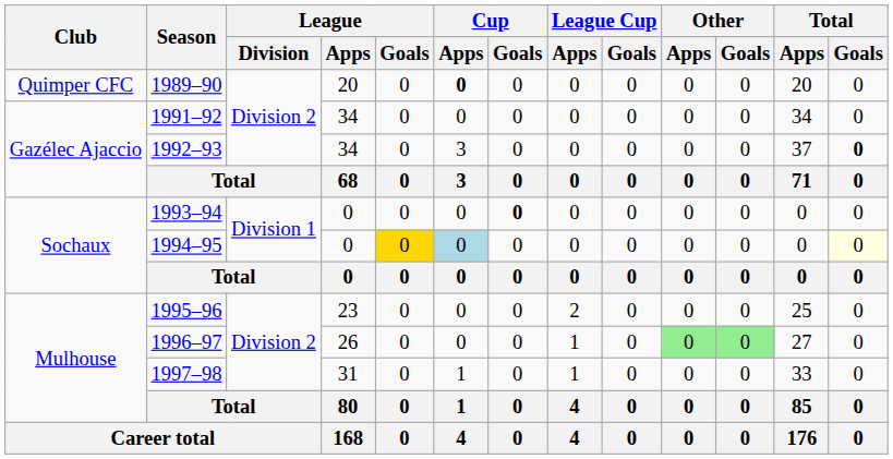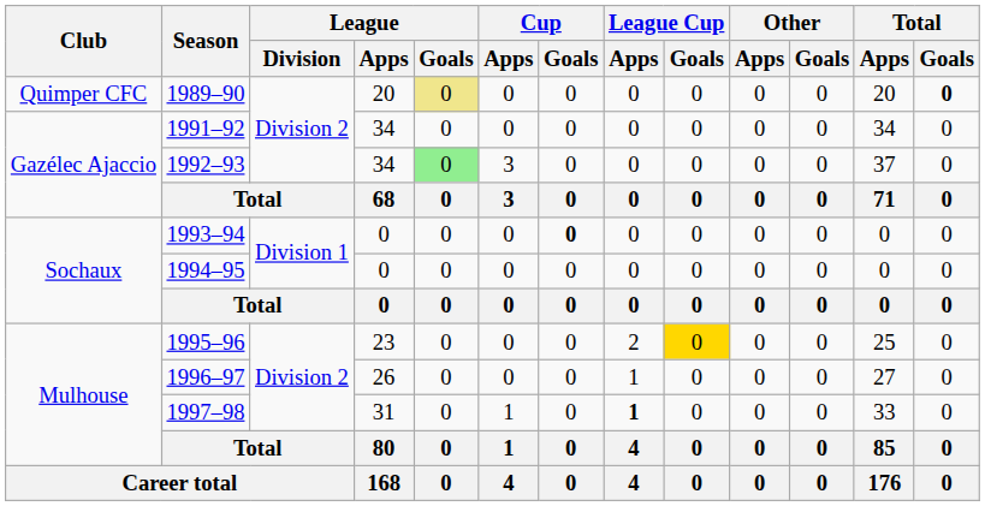 <table class="wikitable" style="text-align: center">
 <tr>
 <th rowspan="2">Club</th>
 <th rowspan="2">Season</th>
 <th colspan="3">League</th>
 <th colspan="2"><a href='#'>Cup</a></th>
 <th colspan="2"><a href='#'>League Cup</a></th>
 <th colspan="2">Other</th>
 <th colspan="2">Total</th>
 </tr>
 <tr>
 <th>Division</th>
 <th>Apps</th>
 <th>Goals</th>
 <th>Apps</th>
 <th>Goals</th>
 <th>Apps</th>
 <th>Goals</th>
 <th>Apps</th>
 <th>Goals</th>
 <th>Apps</th>
 <th>Goals</th>
 </tr>
 <tr>
 <td><a href='#'>Quimper CFC</a></td>
 <td><a href='#'>1989–90</a></td>
 <td rowspan="3"><a href='#'>Division 2</a></td>
 <td>20</td>
+<td style="background: khaki;">0</td>
 <td>0</td>
-<td><strong>0</strong></td>
 <td>0</td>
 <td>0</td>
 <td>0</td>
 <td>0</td>
 <td>0</td>
 <td>20</td>
-<td>0</td>
+<td><strong>0</strong></td>
 </tr>
 <tr>
 <td rowspan="3"><a href='#'>Gazélec Ajaccio</a></td>
 <td><a href='#'>1991–92</a></td>
 <td>34</td>
 <td>0</td>
 <td>0</td>
 <td>0</td>
 <td>0</td>
 <td>0</td>
 <td>0</td>
 <td>0</td>
 <td>34</td>
 <td>0</td>
 </tr>
 <tr>
 <td><a href='#'>1992–93</a></td>
 <td>34</td>
-<td>0</td>
+<td style="background: lightgreen;">0</td>
 <td>3</td>
 <td>0</td>
 <td>0</td>
 <td>0</td>
 <td>0</td>
 <td>0</td>
 <td>37</td>
-<td><strong>0</strong></td>
+<td>0</td>
 </tr>
 <tr>
 <th colspan="2"><strong>Total</strong></th>
 <th>68</th>
 <th>0</th>
 <th>3</th>
 <th>0</th>
 <th>0</th>
 <th>0</th>
 <th>0</th>
 <th>0</th>
 <th>71</th>
 <th>0</th>
 </tr>
 <tr>
 <td rowspan="3"><a href='#'>Sochaux</a></td>
 <td><a href='#'>1993–94</a></td>
 <td rowspan="2"><a href='#'>Division 1</a></td>
 <td>0</td>
 <td>0</td>
 <td>0</td>
 <td><strong>0</strong></td>
 <td>0</td>
 <td>0</td>
 <td>0</td>
 <td>0</td>
 <td>0</td>
 <td>0</td>
 </tr>
 <tr>
 <td><a href='#'>1994–95</a></td>
 <td>0</td>
-<td style="background: gold;">0</td>
-<td style="background: lightblue;">0</td>
 <td>0</td>
 <td>0</td>
 <td>0</td>
 <td>0</td>
 <td>0</td>
 <td>0</td>
-<td style="background: lightyellow;">0</td>
+<td>0</td>
+<td>0</td>
+<td>0</td>
 </tr>
 <tr>
 <th colspan="2"><strong>Total</strong></th>
 <th>0</th>
 <th>0</th>
 <th>0</th>
 <th>0</th>
 <th>0</th>
 <th>0</th>
 <th>0</th>
 <th>0</th>
 <th>0</th>
 <th>0</th>
 </tr>
 <tr>
 <td rowspan="4"><a href='#'>Mulhouse</a></td>
 <td><a href='#'>1995–96</a></td>
 <td rowspan="3"><a href='#'>Division 2</a></td>
 <td>23</td>
 <td>0</td>
 <td>0</td>
 <td>0</td>
 <td>2</td>
-<td>0</td>
+<td style="background: gold;">0</td>
 <td>0</td>
 <td>0</td>
 <td>25</td>
 <td>0</td>
 </tr>
 <tr>
 <td><a href='#'>1996–97</a></td>
 <td>26</td>
 <td>0</td>
 <td>0</td>
 <td>0</td>
 <td>1</td>
 <td>0</td>
-<td style="background: lightgreen;">0</td>
-<td style="background: lightgreen;">0</td>
+<td>0</td>
+<td>0</td>
 <td>27</td>
 <td>0</td>
 </tr>
 <tr>
 <td><a href='#'>1997–98</a></td>
 <td>31</td>
 <td>0</td>
 <td>1</td>
 <td>0</td>
-<td>1</td>
+<td><strong>1</strong></td>
 <td>0</td>
 <td>0</td>
 <td>0</td>
 <td>33</td>
 <td>0</td>
 </tr>
 <tr>
 <th colspan="2"><strong>Total</strong></th>
 <th>80</th>
 <th>0</th>
 <th>1</th>
 <th>0</th>
 <th>4</th>
 <th>0</th>
 <th>0</th>
 <th>0</th>
 <th>85</th>
 <th>0</th>
 </tr>
 <tr>
 <th colspan="3"><strong>Career total</strong></th>
 <th>168</th>
 <th>0</th>
 <th>4</th>
 <th>0</th>
 <th>4</th>
 <th>0</th>
 <th>0</th>
 <th>0</th>
 <th>176</th>
 <th>0</th>
 </tr>
 </table>
